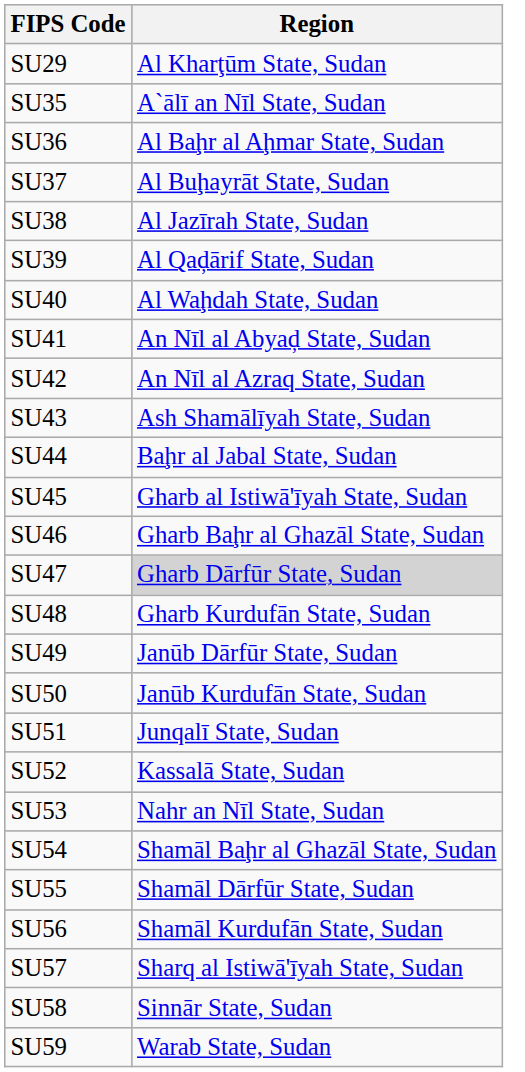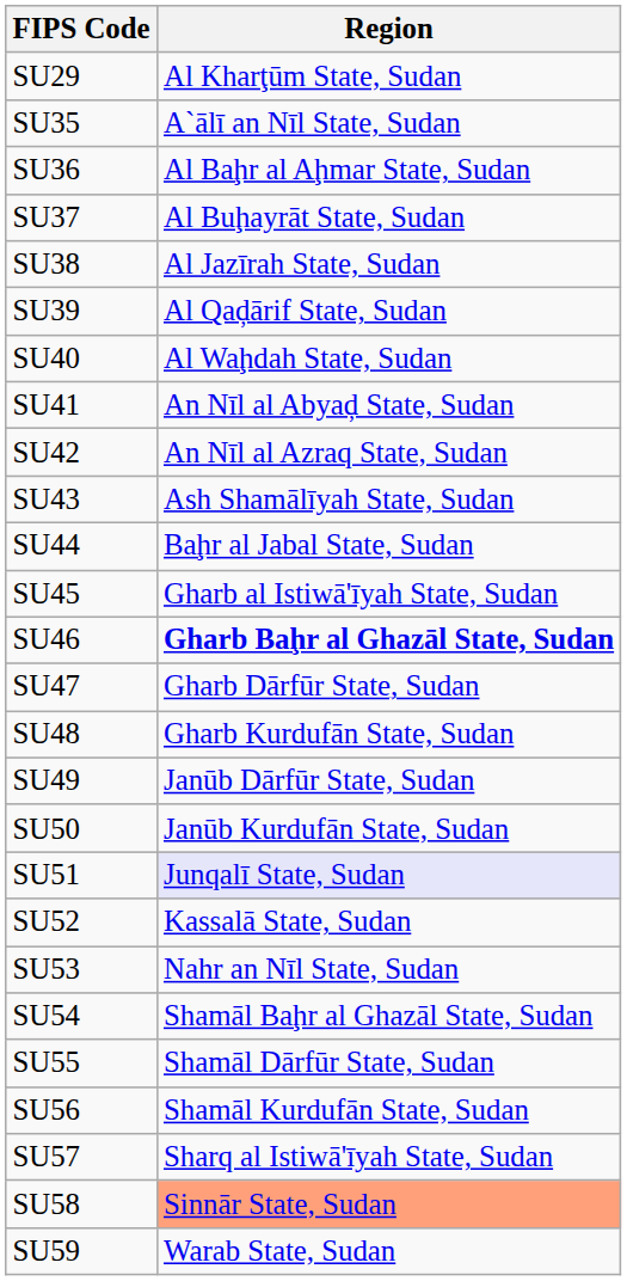 <table class="wikitable">
 <tr>
 <th>FIPS Code</th>
 <th>Region</th>
 </tr>
 <tr>
 <td>SU29</td>
 <td><a href='#'>Al Kharţūm State, Sudan</a></td>
 </tr>
 <tr>
 <td>SU35</td>
 <td><a href='#'>A`ālī an Nīl State, Sudan</a></td>
 </tr>
 <tr>
 <td>SU36</td>
 <td><a href='#'>Al Baḩr al Aḩmar State, Sudan</a></td>
 </tr>
 <tr>
 <td>SU37</td>
 <td><a href='#'>Al Buḩayrāt State, Sudan</a></td>
 </tr>
 <tr>
 <td>SU38</td>
 <td><a href='#'>Al Jazīrah State, Sudan</a></td>
 </tr>
 <tr>
 <td>SU39</td>
 <td><a href='#'>Al Qaḑārif State, Sudan</a></td>
 </tr>
 <tr>
 <td>SU40</td>
 <td><a href='#'>Al Waḩdah State, Sudan</a></td>
 </tr>
 <tr>
 <td>SU41</td>
 <td><a href='#'>An Nīl al Abyaḑ State, Sudan</a></td>
 </tr>
 <tr>
 <td>SU42</td>
 <td><a href='#'>An Nīl al Azraq State, Sudan</a></td>
 </tr>
 <tr>
 <td>SU43</td>
 <td><a href='#'>Ash Shamālīyah State, Sudan</a></td>
 </tr>
 <tr>
 <td>SU44</td>
 <td><a href='#'>Baḩr al Jabal State, Sudan</a></td>
 </tr>
 <tr>
 <td>SU45</td>
 <td><a href='#'>Gharb al Istiwā'īyah State, Sudan</a></td>
 </tr>
 <tr>
 <td>SU46</td>
-<td><a href='#'>Gharb Baḩr al Ghazāl State, Sudan</a></td>
+<td><strong><a href='#'>Gharb Baḩr al Ghazāl State, Sudan</a></strong></td>
 </tr>
 <tr>
 <td>SU47</td>
-<td style="background: lightgrey;"><a href='#'>Gharb Dārfūr State, Sudan</a></td>
+<td><a href='#'>Gharb Dārfūr State, Sudan</a></td>
 </tr>
 <tr>
 <td>SU48</td>
 <td><a href='#'>Gharb Kurdufān State, Sudan</a></td>
 </tr>
 <tr>
 <td>SU49</td>
 <td><a href='#'>Janūb Dārfūr State, Sudan</a></td>
 </tr>
 <tr>
 <td>SU50</td>
 <td><a href='#'>Janūb Kurdufān State, Sudan</a></td>
 </tr>
 <tr>
 <td>SU51</td>
-<td><a href='#'>Junqalī State, Sudan</a></td>
+<td style="background: lavender;"><a href='#'>Junqalī State, Sudan</a></td>
 </tr>
 <tr>
 <td>SU52</td>
 <td><a href='#'>Kassalā State, Sudan</a></td>
 </tr>
 <tr>
 <td>SU53</td>
 <td><a href='#'>Nahr an Nīl State, Sudan</a></td>
 </tr>
 <tr>
 <td>SU54</td>
 <td><a href='#'>Shamāl Baḩr al Ghazāl State, Sudan</a></td>
 </tr>
 <tr>
 <td>SU55</td>
 <td><a href='#'>Shamāl Dārfūr State, Sudan</a></td>
 </tr>
 <tr>
 <td>SU56</td>
 <td><a href='#'>Shamāl Kurdufān State, Sudan</a></td>
 </tr>
 <tr>
 <td>SU57</td>
 <td><a href='#'>Sharq al Istiwā'īyah State, Sudan</a></td>
 </tr>
 <tr>
 <td>SU58</td>
-<td><a href='#'>Sinnār State, Sudan</a></td>
+<td style="background: lightsalmon;"><a href='#'>Sinnār State, Sudan</a></td>
 </tr>
 <tr>
 <td>SU59</td>
 <td><a href='#'>Warab State, Sudan</a></td>
 </tr>
 </table>
